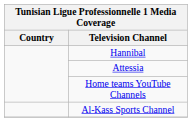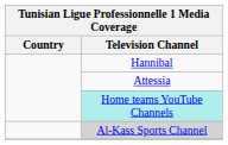 <table class="wikitable" align="center">
 <tr>
 <th colspan=3>Tunisian Ligue Professionnelle 1 Media Coverage</th>
 </tr>
 <tr>
 <th style="width:100px;">Country</th>
 <th style="width:190px;">Television Channel</th>
 </tr>
 <tr>
 <td rowspan=3 align=Center></td>
 <td align=Center><a href='#'>Hannibal</a></td>
 </tr>
 <tr>
 <td align=Center><a href='#'>Attessia</a></td>
 </tr>
 <tr>
-<td align=Center><a href='#'>Home teams YouTube Channels</a></td>
+<td align=Center style="background: paleturquoise;"><a href='#'>Home teams YouTube Channels</a></td>
 </tr>
 <tr>
 <td align=Center></td>
-<td align=Center><a href='#'>Al-Kass Sports Channel</a></td>
+<td align=Center style="background: lightgrey;"><a href='#'>Al-Kass Sports Channel</a></td>
 </tr>
 <tr>
 </tr>
 </table>
